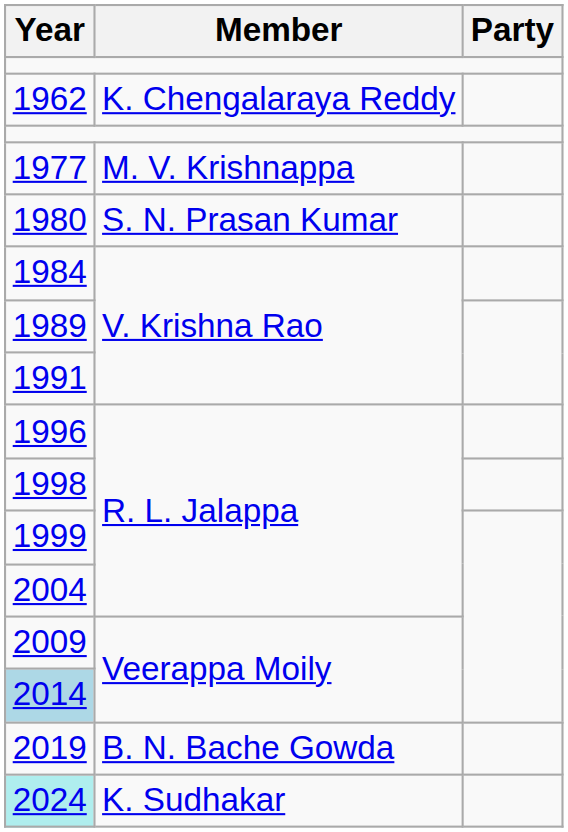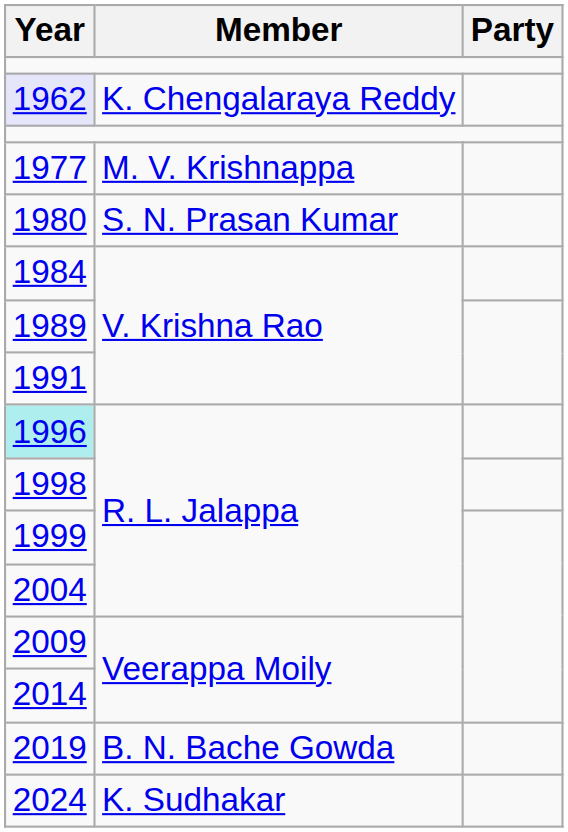 <table class="wikitable sortable">
 <tr>
 <th>Year</th>
 <th>Member</th>
 <th colspan="2">Party</th>
 </tr>
 <tr>
 <td colspan="4"></td>
 </tr>
 <tr>
-<td><a href='#'>1962</a></td>
+<td style="background: lavender;"><a href='#'>1962</a></td>
 <td><a href='#'>K. Chengalaraya Reddy</a></td>
 <td></td>
 </tr>
 <tr>
 <td colspan="4"></td>
 </tr>
 <tr>
 <td><a href='#'>1977</a></td>
 <td><a href='#'>M. V. Krishnappa</a></td>
 <td></td>
 </tr>
 <tr>
 <td><a href='#'>1980</a></td>
 <td><a href='#'>S. N. Prasan Kumar</a></td>
 <td></td>
 </tr>
 <tr>
 <td><a href='#'>1984</a></td>
 <td rowspan="3"><a href='#'>V. Krishna Rao</a></td>
 <td></td>
 </tr>
 <tr>
 <td><a href='#'>1989</a></td>
 </tr>
 <tr>
 <td><a href='#'>1991</a></td>
 </tr>
 <tr>
-<td><a href='#'>1996</a></td>
+<td style="background: paleturquoise;"><a href='#'>1996</a></td>
 <td rowspan="4"><a href='#'>R. L. Jalappa</a></td>
 <td></td>
 </tr>
 <tr>
 <td><a href='#'>1998</a></td>
 <td></td>
 </tr>
 <tr>
 <td><a href='#'>1999</a></td>
 </tr>
 <tr>
 <td><a href='#'>2004</a></td>
 </tr>
 <tr>
 <td><a href='#'>2009</a></td>
 <td rowspan="2"><a href='#'>Veerappa Moily</a></td>
 </tr>
 <tr>
-<td style="background: lightblue;"><a href='#'>2014</a></td>
+<td><a href='#'>2014</a></td>
 </tr>
 <tr>
 <td><a href='#'>2019</a></td>
 <td><a href='#'>B. N. Bache Gowda</a></td>
 <td></td>
 </tr>
 <tr>
-<td style="background: paleturquoise;"><a href='#'>2024</a></td>
+<td><a href='#'>2024</a></td>
 <td><a href='#'>K. Sudhakar</a></td>
 </tr>
 </table>
